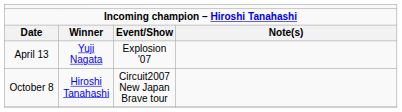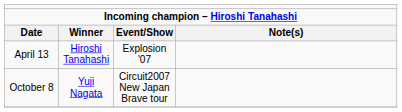 <table class="wikitable" style="text-align:center; width:100%;">
 <tr>
 <td colspan="5"></td>
 </tr>
 <tr>
 <td colspan="5"><strong>Incoming champion – <a href='#'>Hiroshi Tanahashi</a></strong></td>
 </tr>
 <tr>
 <th width=14%>Date</th>
 <th width=14%>Winner</th>
 <th width=14%>Event/Show</th>
 <th width=58%>Note(s)</th>
 </tr>
 <tr>
 <td>April 13</td>
-<td><a href='#'>Yuji Nagata</a></td>
+<td><a href='#'>Hiroshi Tanahashi</a></td>
 <td>Explosion '07</td>
 <td align="left"></td>
 </tr>
 <tr>
 <td>October 8</td>
-<td><a href='#'>Hiroshi Tanahashi</a></td>
+<td><a href='#'>Yuji Nagata</a></td>
 <td>Circuit2007 New Japan Brave tour</td>
 <td align="left"></td>
 </tr>
 <tr>
 </tr>
 </table>
